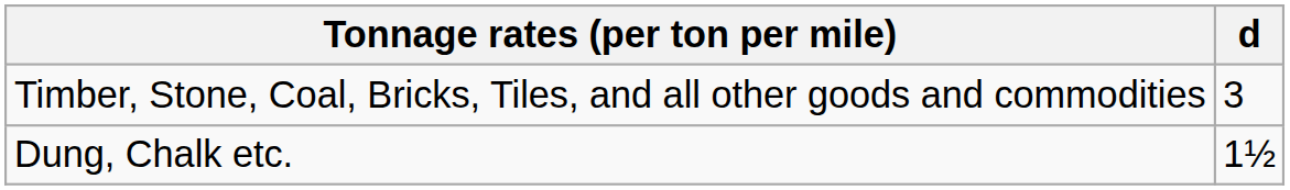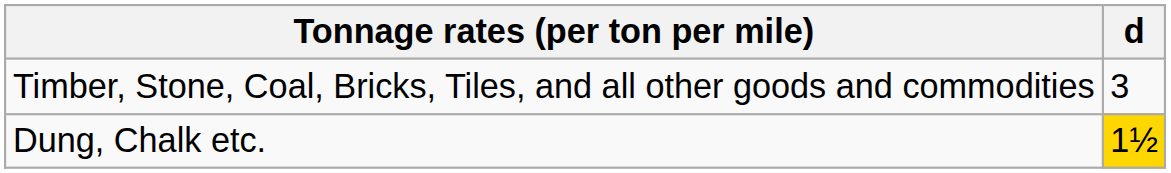 <table class="wikitable">
 <tr>
 <th><strong>Tonnage rates (per ton per mile)</strong></th>
 <th>d</th>
 </tr>
 <tr>
 <td>Timber, Stone, Coal, Bricks, Tiles, and all other goods and  commodities</td>
 <td>3</td>
 </tr>
 <tr>
 <td>Dung, Chalk etc.</td>
-<td>1½</td>
+<td style="background: gold;">1½</td>
 </tr>
 </table>
